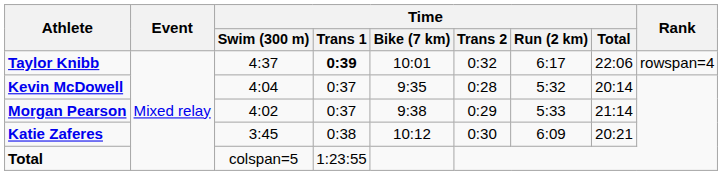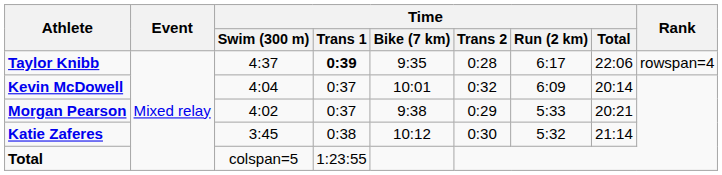 <table class=wikitable style=font-size:90%;text-align:center>
 <tr>
 <th rowspan=2>Athlete</th>
 <th rowspan=2>Event</th>
 <th colspan=6>Time</th>
 <th rowspan=2>Rank</th>
 </tr>
 <tr style=font-size:95%>
 <th>Swim (300 m)</th>
 <th>Trans 1</th>
 <th>Bike (7 km)</th>
 <th>Trans 2</th>
 <th>Run (2 km)</th>
 <th>Total</th>
 </tr>
 <tr>
 <td align=left><strong><a href='#'>Taylor Knibb</a></strong></td>
 <td align=left rowspan=5><a href='#'>Mixed relay</a></td>
 <td>4:37</td>
 <td><strong>0:39</strong></td>
-<td>10:01</td>
-<td>0:32</td>
+<td>9:35</td>
+<td>0:28</td>
 <td>6:17</td>
 <td>22:06</td>
 <td>rowspan=4 </td>
 </tr>
 <tr>
 <td align=left><strong><a href='#'>Kevin McDowell</a></strong></td>
 <td>4:04</td>
 <td>0:37</td>
-<td>9:35</td>
-<td>0:28</td>
-<td>5:32</td>
+<td>10:01</td>
+<td>0:32</td>
+<td>6:09</td>
 <td>20:14</td>
 </tr>
 <tr>
 <td align=left><strong><a href='#'>Morgan Pearson</a></strong></td>
 <td>4:02</td>
 <td>0:37</td>
 <td>9:38</td>
 <td>0:29</td>
 <td>5:33</td>
-<td>21:14</td>
+<td>20:21</td>
 </tr>
 <tr>
 <td align=left><strong><a href='#'>Katie Zaferes</a></strong></td>
 <td>3:45</td>
 <td>0:38</td>
 <td>10:12</td>
 <td>0:30</td>
-<td>6:09</td>
-<td>20:21</td>
+<td>5:32</td>
+<td>21:14</td>
 </tr>
 <tr>
 <td align=left><strong>Total</strong></td>
 <td>colspan=5 </td>
 <td>1:23:55</td>
 <td></td>
 </tr>
 </table>
